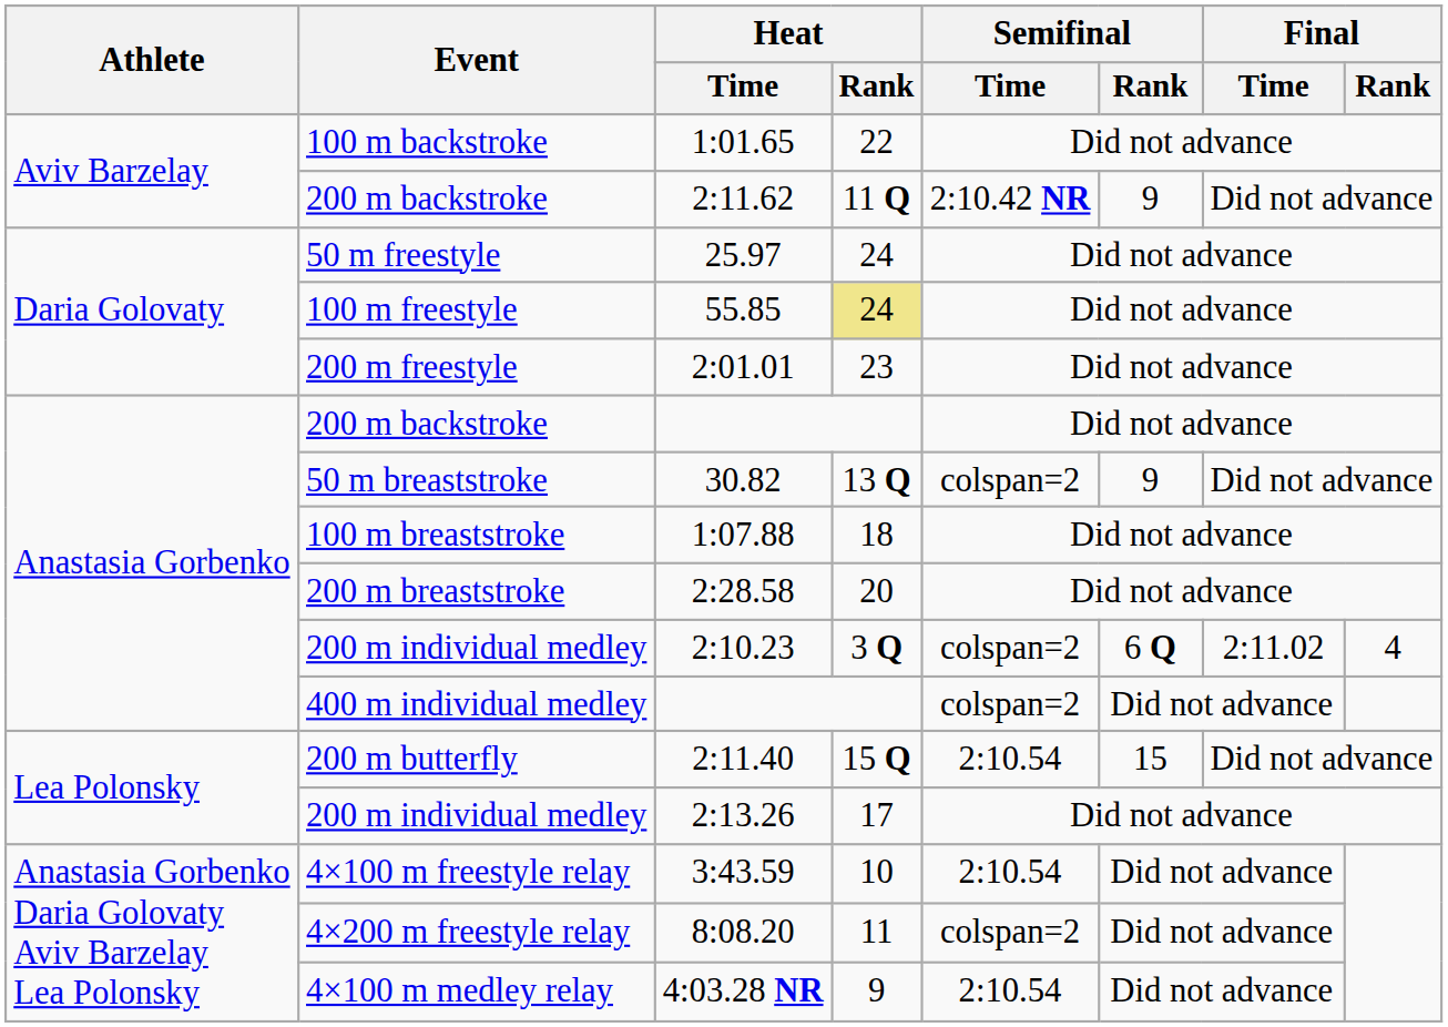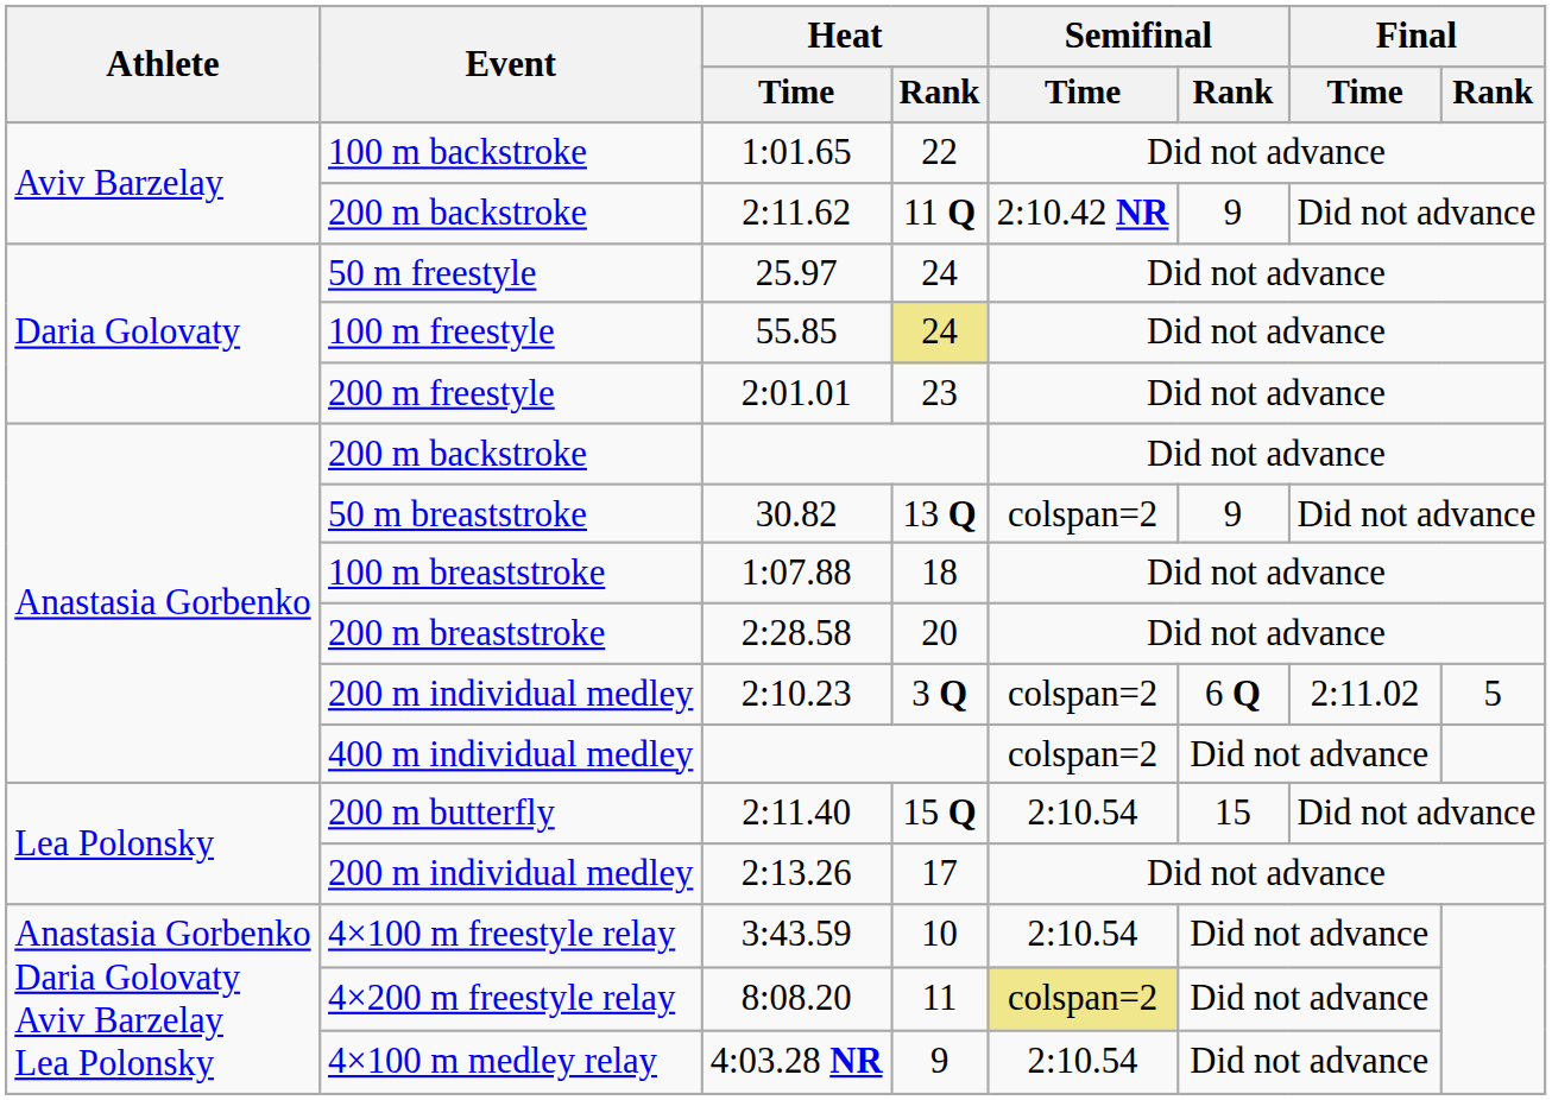 <table class="wikitable" style="text-align:center; font-size:90%">
 <tr>
 <th rowspan="2">Athlete</th>
 <th rowspan="2">Event</th>
 <th colspan="2">Heat</th>
 <th colspan="2">Semifinal</th>
 <th colspan="2">Final</th>
 </tr>
 <tr style="font-size:95%">
 <th>Time</th>
 <th>Rank</th>
 <th>Time</th>
 <th>Rank</th>
 <th>Time</th>
 <th>Rank</th>
 </tr>
 <tr>
 <td align=left rowspan=2><a href='#'>Aviv Barzelay</a></td>
 <td align=left><a href='#'>100 m backstroke</a></td>
 <td>1:01.65</td>
 <td>22</td>
 <td colspan=4>Did not advance</td>
 </tr>
 <tr>
 <td align=left><a href='#'>200 m backstroke</a></td>
 <td>2:11.62</td>
 <td>11 <strong>Q</strong></td>
 <td>2:10.42 <strong><a href='#'>NR</a></strong></td>
 <td>9</td>
 <td colspan=2>Did not advance</td>
 </tr>
 <tr>
 <td align=left rowspan=3><a href='#'>Daria Golovaty</a></td>
 <td align=left><a href='#'>50 m freestyle</a></td>
 <td>25.97</td>
 <td>24</td>
 <td colspan=4>Did not advance</td>
 </tr>
 <tr>
 <td align=left><a href='#'>100 m freestyle</a></td>
 <td>55.85</td>
 <td style="background: khaki;">24</td>
 <td colspan=4>Did not advance</td>
 </tr>
 <tr>
 <td align=left><a href='#'>200 m freestyle</a></td>
 <td>2:01.01</td>
 <td>23</td>
 <td colspan=4>Did not advance</td>
 </tr>
 <tr>
 <td align=left rowspan=6><a href='#'>Anastasia Gorbenko</a></td>
 <td align=left><a href='#'>200 m backstroke</a></td>
 <td colspan=2></td>
 <td colspan=4>Did not advance</td>
 </tr>
 <tr>
 <td align=left><a href='#'>50 m breaststroke</a></td>
 <td>30.82</td>
 <td>13 <strong>Q</strong></td>
 <td>colspan=2 </td>
 <td>9</td>
 <td colspan=2>Did not advance</td>
 </tr>
 <tr>
 <td align=left><a href='#'>100 m breaststroke</a></td>
 <td>1:07.88</td>
 <td>18</td>
 <td colspan=4>Did not advance</td>
 </tr>
 <tr>
 <td align=left><a href='#'>200 m breaststroke</a></td>
 <td>2:28.58</td>
 <td>20</td>
 <td colspan=4>Did not advance</td>
 </tr>
 <tr>
 <td align=left><a href='#'>200 m individual medley</a></td>
 <td>2:10.23</td>
 <td>3 <strong>Q</strong></td>
 <td>colspan=2 </td>
 <td>6 <strong>Q</strong></td>
 <td>2:11.02</td>
-<td>4</td>
+<td>5</td>
 </tr>
 <tr>
 <td align=left><a href='#'>400 m individual medley</a></td>
 <td colspan=2></td>
 <td>colspan=2 </td>
 <td colspan=2>Did not advance</td>
 </tr>
 <tr>
 <td align=left rowspan=2><a href='#'>Lea Polonsky</a></td>
 <td align=left><a href='#'>200 m butterfly</a></td>
 <td>2:11.40</td>
 <td>15 <strong>Q</strong></td>
 <td>2:10.54</td>
 <td>15</td>
 <td colspan=2>Did not advance</td>
 </tr>
 <tr>
 <td align=left><a href='#'>200 m individual medley</a></td>
 <td>2:13.26</td>
 <td>17</td>
 <td colspan=4>Did not advance</td>
 </tr>
 <tr>
 <td align=left rowspan=3><a href='#'>Anastasia Gorbenko</a><br><a href='#'>Daria Golovaty</a> <br><a href='#'>Aviv Barzelay</a><br><a href='#'>Lea Polonsky</a></td>
 <td align=left><a href='#'>4×100 m freestyle relay</a></td>
 <td>3:43.59</td>
 <td>10</td>
 <td>2:10.54</td>
 <td colspan=2>Did not advance</td>
 </tr>
 <tr>
 <td align=left><a href='#'>4×200 m freestyle relay</a></td>
 <td>8:08.20</td>
 <td>11</td>
-<td>colspan=2 </td>
+<td style="background: khaki;">colspan=2 </td>
 <td colspan=2>Did not advance</td>
 </tr>
 <tr>
 <td align=left><a href='#'>4×100 m medley relay</a></td>
 <td>4:03.28 <strong><a href='#'>NR</a></strong></td>
 <td>9</td>
 <td>2:10.54</td>
 <td colspan=2>Did not advance</td>
 </tr>
 </table>
